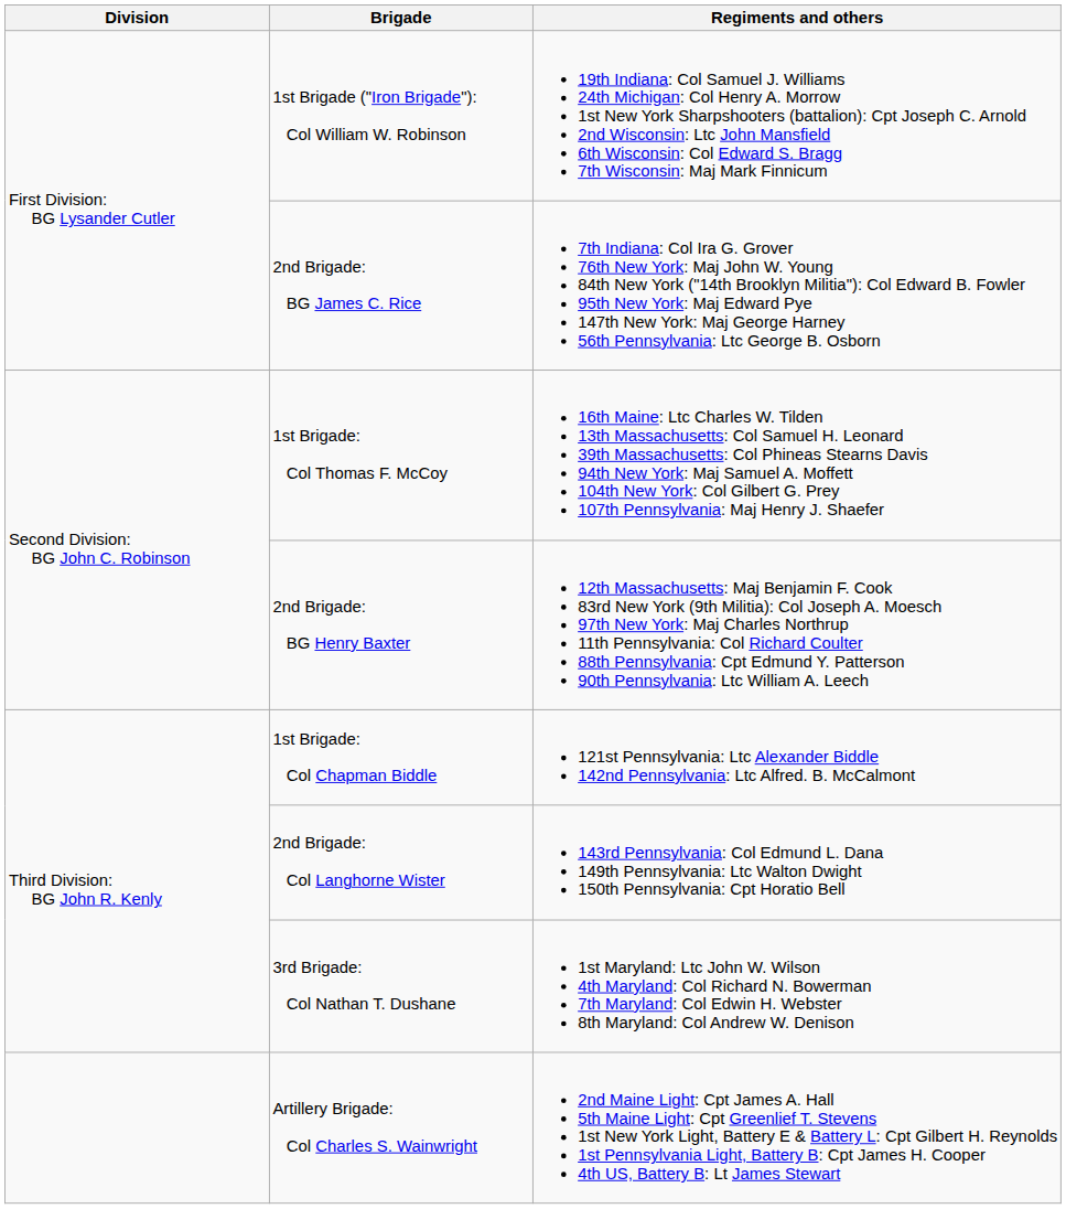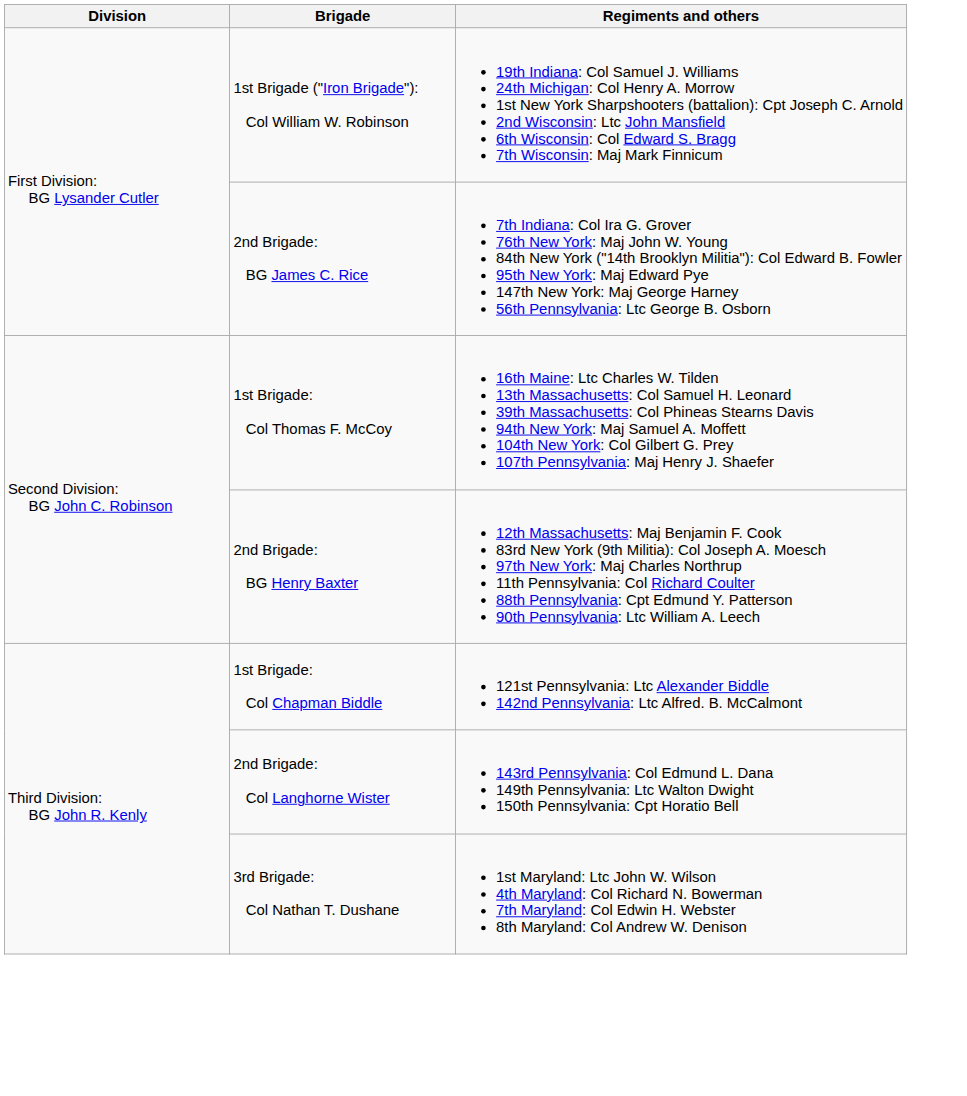 <table class="wikitable">
 <tr>
 <th width=25%>Division</th>
 <th width=25%>Brigade</th>
 <th>Regiments and others</th>
 </tr>
 <tr>
 <td rowspan=2><br>First Division: <br>     BG <a href='#'>Lysander Cutler</a></td>
 <td>1st Brigade ("<a href='#'>Iron Brigade</a>"):<br><br>   Col William W. Robinson</td>
 <td><br><ul><li><a href='#'>19th Indiana</a>: Col Samuel J. Williams</li><li><a href='#'>24th Michigan</a>: Col Henry A. Morrow</li><li>1st New York Sharpshooters (battalion): Cpt Joseph C. Arnold</li><li><a href='#'>2nd Wisconsin</a>: Ltc <a href='#'>John Mansfield</a></li><li><a href='#'>6th Wisconsin</a>: Col <a href='#'>Edward S. Bragg</a></li><li><a href='#'>7th Wisconsin</a>: Maj Mark Finnicum</li></ul></td>
 </tr>
 <tr>
 <td>2nd Brigade:<br><br>   BG <a href='#'>James C. Rice</a></td>
 <td><br><ul><li><a href='#'>7th Indiana</a>: Col Ira G. Grover</li><li><a href='#'>76th New York</a>: Maj John W. Young</li><li>84th New York ("14th Brooklyn Militia"): Col Edward B. Fowler</li><li><a href='#'>95th New York</a>: Maj Edward Pye</li><li>147th New York: Maj George Harney</li><li><a href='#'>56th Pennsylvania</a>: Ltc George B. Osborn</li></ul></td>
 </tr>
 <tr>
 <td rowspan=2><br>Second Division: <br>     BG <a href='#'>John C. Robinson</a></td>
 <td>1st Brigade:<br><br>   Col Thomas F. McCoy</td>
 <td><br><ul><li><a href='#'>16th Maine</a>: Ltc Charles W. Tilden</li><li><a href='#'>13th Massachusetts</a>: Col Samuel H. Leonard</li><li><a href='#'>39th Massachusetts</a>: Col Phineas Stearns Davis</li><li><a href='#'>94th New York</a>: Maj Samuel A. Moffett</li><li><a href='#'>104th New York</a>: Col Gilbert G. Prey</li><li><a href='#'>107th Pennsylvania</a>: Maj Henry J. Shaefer</li></ul></td>
 </tr>
 <tr>
 <td>2nd Brigade:<br><br>   BG <a href='#'>Henry Baxter</a></td>
 <td><br><ul><li><a href='#'>12th Massachusetts</a>: Maj Benjamin F. Cook</li><li>83rd New York (9th Militia): Col Joseph A. Moesch</li><li><a href='#'>97th New York</a>: Maj Charles Northrup</li><li>11th Pennsylvania: Col <a href='#'>Richard Coulter</a></li><li><a href='#'>88th Pennsylvania</a>: Cpt Edmund Y. Patterson</li><li><a href='#'>90th Pennsylvania</a>: Ltc William A. Leech</li></ul></td>
 </tr>
 <tr>
 <td rowspan=3><br>Third Division: <br>     BG <a href='#'>John R. Kenly</a></td>
 <td>1st Brigade:<br><br>   Col <a href='#'>Chapman Biddle</a></td>
 <td><br><ul><li>121st Pennsylvania: Ltc <a href='#'>Alexander Biddle</a></li><li><a href='#'>142nd Pennsylvania</a>: Ltc Alfred. B. McCalmont</li></ul></td>
 </tr>
 <tr>
 <td>2nd Brigade:<br><br>   Col <a href='#'>Langhorne Wister</a></td>
 <td><br><ul><li><a href='#'>143rd Pennsylvania</a>: Col Edmund L. Dana</li><li>149th Pennsylvania: Ltc Walton Dwight</li><li>150th Pennsylvania: Cpt Horatio Bell</li></ul></td>
 </tr>
 <tr>
 <td>3rd Brigade:<br><br>   Col Nathan T. Dushane</td>
 <td><br><ul><li>1st Maryland: Ltc John W. Wilson</li><li><a href='#'>4th Maryland</a>: Col Richard N. Bowerman</li><li><a href='#'>7th Maryland</a>: Col Edwin H. Webster</li><li>8th Maryland: Col Andrew W. Denison</li></ul></td>
 </tr>
-<tr>
-<td></td>
-<td>Artillery Brigade:<br><br>   Col <a href='#'>Charles S. Wainwright</a></td>
-<td><br><ul><li><a href='#'>2nd Maine Light</a>: Cpt James A. Hall</li><li><a href='#'>5th Maine Light</a>: Cpt <a href='#'>Greenlief T. Stevens</a></li><li>1st New York Light, Battery E & <a href='#'>Battery L</a>: Cpt Gilbert H. Reynolds</li><li><a href='#'>1st Pennsylvania Light, Battery B</a>: Cpt James H. Cooper</li><li><a href='#'>4th US, Battery B</a>: Lt <a href='#'>James Stewart</a></li></ul></td>
-</tr>
 </table>
